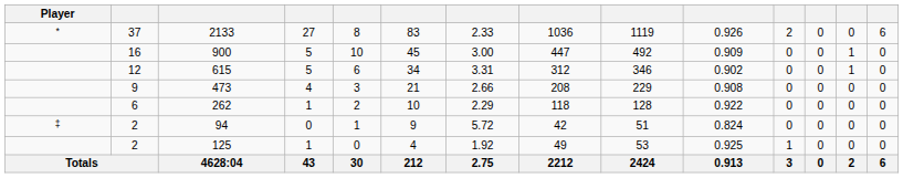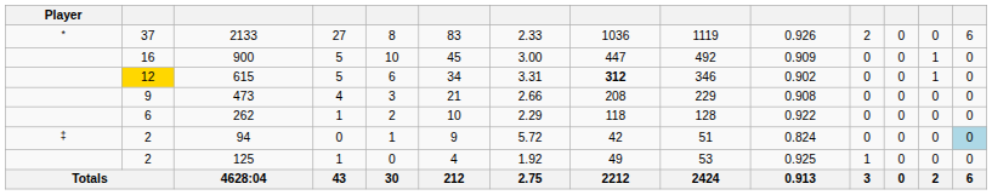 <table class="wikitable sortable" style="width:100%;">
 <tr style="text-align:center; background:#ddd;">
 <th>Player</th>
 <th></th>
 <th></th>
 <th></th>
 <th></th>
 <th></th>
 <th></th>
 <th></th>
 <th></th>
 <th></th>
 <th></th>
 <th></th>
 <th></th>
 <th></th>
 </tr>
 <tr align=center>
 <td style=white-space:nowrap><sup>*</sup></td>
 <td>37</td>
 <td>2133</td>
 <td>27</td>
 <td>8</td>
 <td>83</td>
 <td>2.33</td>
 <td>1036</td>
 <td>1119</td>
 <td>0.926</td>
 <td>2</td>
 <td>0</td>
 <td>0</td>
 <td>6</td>
 </tr>
 <tr align=center>
 <td style=white-space:nowrap></td>
 <td>16</td>
 <td>900</td>
 <td>5</td>
 <td>10</td>
 <td>45</td>
 <td>3.00</td>
 <td>447</td>
 <td>492</td>
 <td>0.909</td>
 <td>0</td>
 <td>0</td>
 <td>1</td>
 <td>0</td>
 </tr>
 <tr align=center>
 <td style=white-space:nowrap></td>
-<td>12</td>
+<td style="background: gold;">12</td>
 <td>615</td>
 <td>5</td>
 <td>6</td>
 <td>34</td>
 <td>3.31</td>
-<td>312</td>
+<td><strong>312</strong></td>
 <td>346</td>
 <td>0.902</td>
 <td>0</td>
 <td>0</td>
 <td>1</td>
 <td>0</td>
 </tr>
 <tr align=center>
 <td style=white-space:nowrap></td>
 <td>9</td>
 <td>473</td>
 <td>4</td>
 <td>3</td>
 <td>21</td>
 <td>2.66</td>
 <td>208</td>
 <td>229</td>
 <td>0.908</td>
 <td>0</td>
 <td>0</td>
 <td>0</td>
 <td>0</td>
 </tr>
 <tr align=center>
 <td style=white-space:nowrap></td>
 <td>6</td>
 <td>262</td>
 <td>1</td>
 <td>2</td>
 <td>10</td>
 <td>2.29</td>
 <td>118</td>
 <td>128</td>
 <td>0.922</td>
 <td>0</td>
 <td>0</td>
 <td>0</td>
 <td>0</td>
 </tr>
 <tr align=center>
 <td style=white-space:nowrap><sup>‡</sup></td>
 <td>2</td>
 <td>94</td>
 <td>0</td>
 <td>1</td>
 <td>9</td>
 <td>5.72</td>
 <td>42</td>
 <td>51</td>
 <td>0.824</td>
 <td>0</td>
 <td>0</td>
 <td>0</td>
-<td>0</td>
+<td style="background: lightblue;">0</td>
 </tr>
 <tr align=center>
 <td style=white-space:nowrap></td>
 <td>2</td>
 <td>125</td>
 <td>1</td>
 <td>0</td>
 <td>4</td>
 <td>1.92</td>
 <td>49</td>
 <td>53</td>
 <td>0.925</td>
 <td>1</td>
 <td>0</td>
 <td>0</td>
 <td>0</td>
 </tr>
 <tr class="unsortable">
 <th colspan=2>Totals</th>
 <th>4628:04</th>
 <th>43</th>
 <th>30</th>
 <th>212</th>
 <th>2.75</th>
 <th>2212</th>
 <th>2424</th>
 <th>0.913</th>
 <th>3</th>
 <th>0</th>
 <th>2</th>
 <th>6</th>
 </tr>
 </table>
